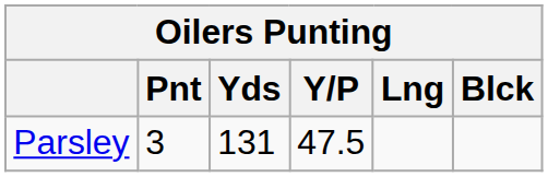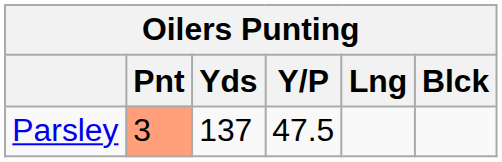 <table class="wikitable">
 <tr>
 <th colspan="6">Oilers Punting</th>
 </tr>
 <tr>
 <th></th>
 <th>Pnt</th>
 <th>Yds</th>
 <th>Y/P</th>
 <th>Lng</th>
 <th>Blck</th>
 </tr>
 <tr>
 <td><a href='#'>Parsley</a></td>
-<td>3</td>
-<td>131</td>
+<td style="background: lightsalmon;">3</td>
+<td>137</td>
 <td>47.5</td>
 <td></td>
 <td></td>
 </tr>
 </table>
